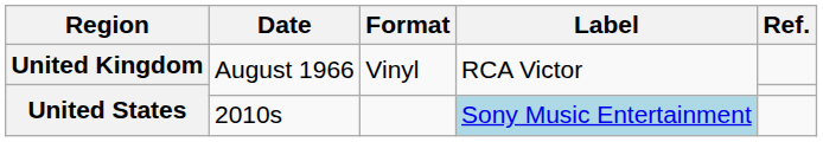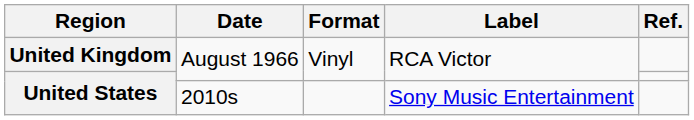 <table class="wikitable plainrowheaders">
 <tr>
 <th scope="col">Region</th>
 <th scope="col">Date</th>
 <th scope="col">Format</th>
 <th scope="col">Label</th>
 <th scope="col">Ref.</th>
 </tr>
 <tr>
 <th scope="row">United Kingdom</th>
 <td rowspan="2">August 1966</td>
 <td rowspan="2">Vinyl</td>
 <td rowspan="2">RCA Victor</td>
 <td></td>
 </tr>
 <tr>
 <th scope="row" rowspan="2">United States</th>
 <td></td>
 </tr>
 <tr>
 <td>2010s</td>
 <td></td>
-<td style="background: lightblue;"><a href='#'>Sony Music Entertainment</a></td>
+<td><a href='#'>Sony Music Entertainment</a></td>
 <td></td>
 </tr>
 </table>
